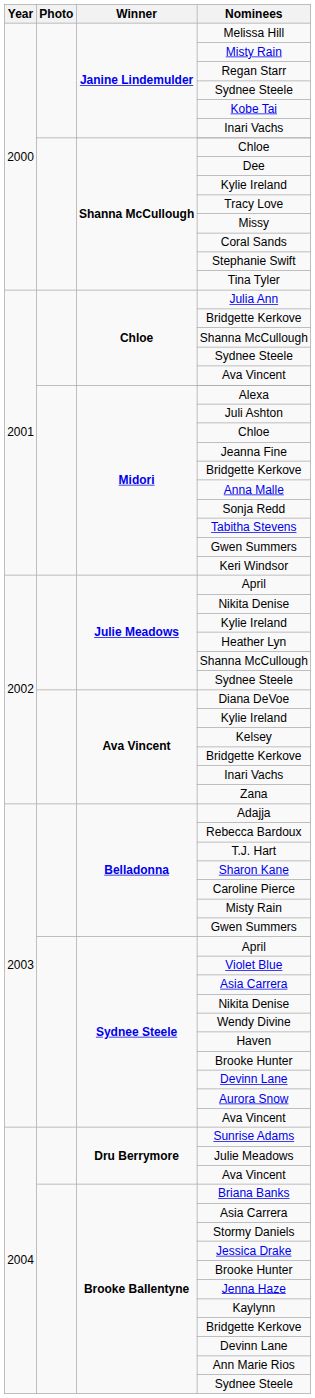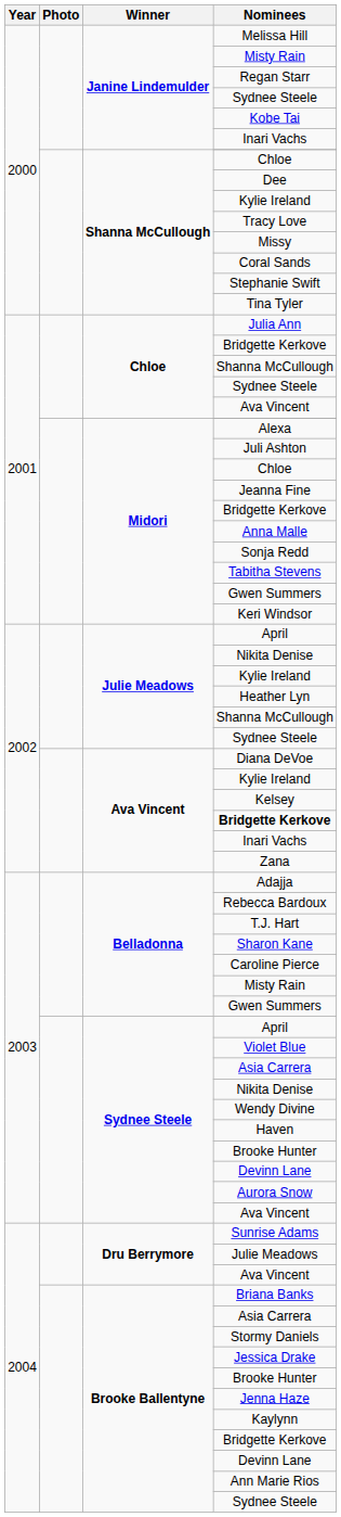 <table class=wikitable>
 <tr>
 <th>Year</th>
 <th>Photo</th>
 <th>Winner<br></th>
 <th>Nominees<br></th>
 </tr>
 <tr>
 <td rowspan=15>2000</td>
 <td rowspan=6 align=center></td>
 <td rowspan=6 align=center><strong><a href='#'>Janine Lindemulder</a></strong> <br></td>
 <td align=center>Melissa Hill<br></td>
 </tr>
 <tr>
 <td align=center><a href='#'>Misty Rain</a><br></td>
 </tr>
 <tr>
 <td align=center>Regan Starr<br></td>
 </tr>
 <tr>
 <td align=center>Sydnee Steele<br></td>
 </tr>
 <tr>
 <td align=center><a href='#'>Kobe Tai</a><br></td>
 </tr>
 <tr>
 <td align=center>Inari Vachs<br></td>
 </tr>
 <tr>
 <td rowspan=9 align=center></td>
 <td rowspan=9 align=center><strong>Shanna McCullough</strong> <br></td>
 </tr>
 <tr>
 <td align=center>Chloe<br></td>
 </tr>
 <tr>
 <td align=center>Dee<br></td>
 </tr>
 <tr>
 <td align=center>Kylie Ireland<br></td>
 </tr>
 <tr>
 <td align=center>Tracy Love<br></td>
 </tr>
 <tr>
 <td align=center>Missy<br></td>
 </tr>
 <tr>
 <td align=center>Coral Sands<br></td>
 </tr>
 <tr>
 <td align=center>Stephanie Swift<br></td>
 </tr>
 <tr>
 <td align=center>Tina Tyler<br></td>
 </tr>
 <tr>
 <td rowspan=16>2001</td>
 <td rowspan=5></td>
 <td rowspan=5 align=center><strong>Chloe</strong> <br></td>
 <td align=center><a href='#'>Julia Ann</a><br></td>
 </tr>
 <tr>
 <td align=center>Bridgette Kerkove<br></td>
 </tr>
 <tr>
 <td align=center>Shanna McCullough<br></td>
 </tr>
 <tr>
 <td align=center>Sydnee Steele<br></td>
 </tr>
 <tr>
 <td align=center>Ava Vincent<br></td>
 </tr>
 <tr>
 <td rowspan=11 align=center></td>
 <td rowspan=11 align=center><strong><a href='#'>Midori</a></strong> <br></td>
 </tr>
 <tr>
 <td align=center>Alexa<br></td>
 </tr>
 <tr>
 <td align=center>Juli Ashton<br></td>
 </tr>
 <tr>
 <td align=center>Chloe<br></td>
 </tr>
 <tr>
 <td align=center>Jeanna Fine<br></td>
 </tr>
 <tr>
 <td align=center>Bridgette Kerkove<br></td>
 </tr>
 <tr>
 <td align=center><a href='#'>Anna Malle</a><br></td>
 </tr>
 <tr>
 <td align=center>Sonja Redd<br></td>
 </tr>
 <tr>
 <td align=center><a href='#'>Tabitha Stevens</a><br></td>
 </tr>
 <tr>
 <td align=center>Gwen Summers<br></td>
 </tr>
 <tr>
 <td align=center>Keri Windsor<br></td>
 </tr>
 <tr>
 <td rowspan=12>2002</td>
 <td rowspan=6 align=center></td>
 <td rowspan=6 align=center><strong><a href='#'>Julie Meadows</a></strong> <br></td>
 <td align=center>April<br></td>
 </tr>
 <tr>
 <td align=center>Nikita Denise<br></td>
 </tr>
 <tr>
 <td align=center>Kylie Ireland<br></td>
 </tr>
 <tr>
 <td align=center>Heather Lyn<br></td>
 </tr>
 <tr>
 <td align=center>Shanna McCullough<br></td>
 </tr>
 <tr>
 <td align=center>Sydnee Steele<br></td>
 </tr>
 <tr>
 <td rowspan=6 align=center></td>
 <td rowspan=6 align=center><strong>Ava Vincent</strong> <br></td>
 <td align=center>Diana DeVoe<br></td>
 </tr>
 <tr>
 <td align=center>Kylie Ireland<br></td>
 </tr>
 <tr>
 <td align=center>Kelsey<br></td>
 </tr>
 <tr>
-<td align=center>Bridgette Kerkove<br></td>
+<td align=center><strong>Bridgette Kerkove<br></strong></td>
 </tr>
 <tr>
 <td align=center>Inari Vachs<br></td>
 </tr>
 <tr>
 <td align=center>Zana<br></td>
 </tr>
 <tr>
 <td rowspan=17>2003</td>
 <td rowspan=7 align=center></td>
 <td rowspan=7 align=center><strong><a href='#'>Belladonna</a></strong> <br></td>
 <td align=center>Adajja<br></td>
 </tr>
 <tr>
 <td align=center>Rebecca Bardoux<br></td>
 </tr>
 <tr>
 <td align=center>T.J. Hart<br></td>
 </tr>
 <tr>
 <td align=center><a href='#'>Sharon Kane</a><br></td>
 </tr>
 <tr>
 <td align=center>Caroline Pierce<br></td>
 </tr>
 <tr>
 <td align=center>Misty Rain<br></td>
 </tr>
 <tr>
 <td align=center>Gwen Summers<br></td>
 </tr>
 <tr>
 <td rowspan=10 align=center></td>
 <td rowspan=10 align=center><strong><a href='#'>Sydnee Steele</a></strong> <br></td>
 <td align=center>April<br></td>
 </tr>
 <tr>
 <td align=center><a href='#'>Violet Blue</a><br></td>
 </tr>
 <tr>
 <td align=center><a href='#'>Asia Carrera</a><br></td>
 </tr>
 <tr>
 <td align=center>Nikita Denise<br></td>
 </tr>
 <tr>
 <td align=center>Wendy Divine<br></td>
 </tr>
 <tr>
 <td align=center>Haven<br></td>
 </tr>
 <tr>
 <td align=center>Brooke Hunter<br></td>
 </tr>
 <tr>
 <td align=center><a href='#'>Devinn Lane</a><br></td>
 </tr>
 <tr>
 <td align=center><a href='#'>Aurora Snow</a><br></td>
 </tr>
 <tr>
 <td align=center>Ava Vincent<br></td>
 </tr>
 <tr>
 <td rowspan=14>2004</td>
 <td rowspan=3 align=center></td>
 <td rowspan=3 align=center><strong>Dru Berrymore</strong> <br></td>
 <td align=center><a href='#'>Sunrise Adams</a><br></td>
 </tr>
 <tr>
 <td align=center>Julie Meadows<br></td>
 </tr>
 <tr>
 <td align=center>Ava Vincent<br></td>
 </tr>
 <tr>
 <td rowspan=11 align=center></td>
 <td rowspan=11 align=center><strong>Brooke Ballentyne</strong> <br></td>
 <td align=center><a href='#'>Briana Banks</a><br></td>
 </tr>
 <tr>
 <td align=center>Asia Carrera<br></td>
 </tr>
 <tr>
 <td align=center>Stormy Daniels<br></td>
 </tr>
 <tr>
 <td align=center><a href='#'>Jessica Drake</a><br></td>
 </tr>
 <tr>
 <td align=center>Brooke Hunter<br></td>
 </tr>
 <tr>
 <td align=center><a href='#'>Jenna Haze</a><br></td>
 </tr>
 <tr>
 <td align=center>Kaylynn<br></td>
 </tr>
 <tr>
 <td align=center>Bridgette Kerkove<br></td>
 </tr>
 <tr>
 <td align=center>Devinn Lane<br></td>
 </tr>
 <tr>
 <td align=center>Ann Marie Rios<br></td>
 </tr>
 <tr>
 <td align=center>Sydnee Steele<br></td>
 </tr>
 </table>
